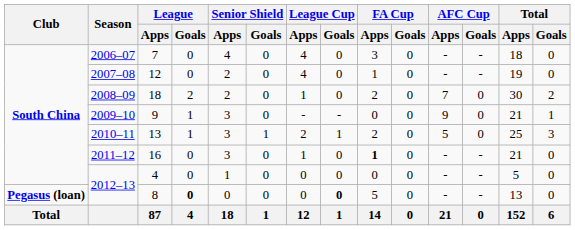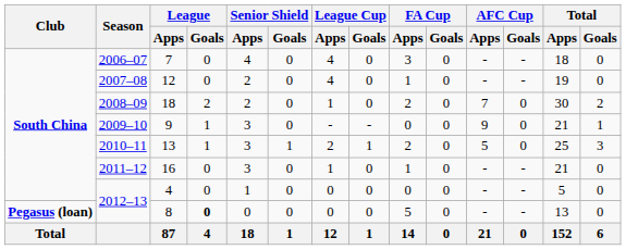 <table class="wikitable" style="text-align: center;">
 <tr>
 <th rowspan="2">Club</th>
 <th rowspan="2">Season</th>
 <th colspan="2"><a href='#'>League</a></th>
 <th colspan="2"><a href='#'>Senior Shield</a></th>
 <th colspan="2"><a href='#'>League Cup</a></th>
 <th colspan="2"><a href='#'>FA Cup</a></th>
 <th colspan="2"><a href='#'>AFC Cup</a></th>
 <th colspan="2">Total</th>
 </tr>
 <tr>
 <th>Apps</th>
 <th>Goals</th>
 <th>Apps</th>
 <th>Goals</th>
 <th>Apps</th>
 <th>Goals</th>
 <th>Apps</th>
 <th>Goals</th>
 <th>Apps</th>
 <th>Goals</th>
 <th>Apps</th>
 <th>Goals</th>
 </tr>
 <tr>
 <td rowspan="7" valign="center"><strong><a href='#'>South China</a></strong></td>
 <td><a href='#'>2006–07</a></td>
 <td>7</td>
 <td>0</td>
 <td>4</td>
 <td>0</td>
 <td>4</td>
 <td>0</td>
 <td>3</td>
 <td>0</td>
 <td>-</td>
 <td>-</td>
 <td>18</td>
 <td>0</td>
 </tr>
 <tr>
 <td><a href='#'>2007–08</a></td>
 <td>12</td>
 <td>0</td>
 <td>2</td>
 <td>0</td>
 <td>4</td>
 <td>0</td>
 <td>1</td>
 <td>0</td>
 <td>-</td>
 <td>-</td>
 <td>19</td>
 <td>0</td>
 </tr>
 <tr>
 <td><a href='#'>2008–09</a></td>
 <td>18</td>
 <td>2</td>
 <td>2</td>
 <td>0</td>
 <td>1</td>
 <td>0</td>
 <td>2</td>
 <td>0</td>
 <td>7</td>
 <td>0</td>
 <td>30</td>
 <td>2</td>
 </tr>
 <tr>
 <td><a href='#'>2009–10</a></td>
 <td>9</td>
 <td>1</td>
 <td>3</td>
 <td>0</td>
 <td>-</td>
 <td>-</td>
 <td>0</td>
 <td>0</td>
 <td>9</td>
 <td>0</td>
 <td>21</td>
 <td>1</td>
 </tr>
 <tr>
 <td><a href='#'>2010–11</a></td>
 <td>13</td>
 <td>1</td>
 <td>3</td>
 <td>1</td>
 <td>2</td>
 <td>1</td>
 <td>2</td>
 <td>0</td>
 <td>5</td>
 <td>0</td>
 <td>25</td>
 <td>3</td>
 </tr>
 <tr>
 <td><a href='#'>2011–12</a></td>
 <td>16</td>
 <td>0</td>
 <td>3</td>
 <td>0</td>
 <td>1</td>
 <td>0</td>
-<td><strong>1</strong></td>
+<td>1</td>
 <td>0</td>
 <td>-</td>
 <td>-</td>
 <td>21</td>
 <td>0</td>
 </tr>
 <tr>
 <td rowspan="2"><a href='#'>2012–13</a></td>
 <td>4</td>
 <td>0</td>
 <td>1</td>
 <td>0</td>
 <td>0</td>
 <td>0</td>
 <td>0</td>
 <td>0</td>
 <td>-</td>
 <td>-</td>
 <td>5</td>
 <td>0</td>
 </tr>
 <tr>
 <td valign="center"><strong><a href='#'>Pegasus</a> (loan)</strong></td>
 <td>8</td>
 <td><strong>0</strong></td>
 <td>0</td>
 <td>0</td>
 <td>0</td>
-<td><strong>0</strong></td>
+<td>0</td>
 <td>5</td>
 <td>0</td>
 <td>-</td>
 <td>-</td>
 <td>13</td>
 <td>0</td>
 </tr>
 <tr>
 <th>Total</th>
 <th></th>
 <th>87</th>
 <th>4</th>
 <th>18</th>
 <th>1</th>
 <th>12</th>
 <th>1</th>
 <th>14</th>
 <th>0</th>
 <th>21</th>
 <th>0</th>
 <th>152</th>
 <th>6</th>
 </tr>
 </table>
